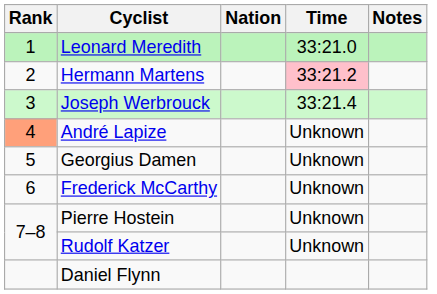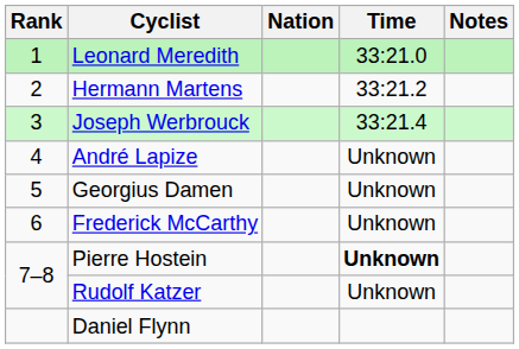 <table class="wikitable sortable">
 <tr>
 <th>Rank</th>
 <th>Cyclist</th>
 <th>Nation</th>
 <th>Time</th>
 <th>Notes</th>
 </tr>
 <tr bgcolor=bbf3bb>
 <td align=center>1</td>
 <td><a href='#'>Leonard Meredith</a></td>
 <td></td>
 <td align=center>33:21.0</td>
 <td align=center></td>
 </tr>
 <tr>
 <td align=center>2</td>
 <td><a href='#'>Hermann Martens</a></td>
 <td></td>
-<td align=center style="background: pink;">33:21.2</td>
+<td align=center>33:21.2</td>
 <td></td>
 </tr>
 <tr bgcolor=ccf9cc>
 <td align=center>3</td>
 <td><a href='#'>Joseph Werbrouck</a></td>
 <td></td>
 <td align=center>33:21.4</td>
 <td align=center></td>
 </tr>
 <tr>
-<td align=center style="background: lightsalmon;">4</td>
+<td align=center>4</td>
 <td><a href='#'>André Lapize</a></td>
 <td></td>
 <td align=center>Unknown</td>
 <td></td>
 </tr>
 <tr>
 <td align=center>5</td>
 <td>Georgius Damen</td>
 <td></td>
 <td align=center>Unknown</td>
 <td></td>
 </tr>
 <tr>
 <td align=center>6</td>
 <td><a href='#'>Frederick McCarthy</a></td>
 <td></td>
 <td align=center>Unknown</td>
 <td></td>
 </tr>
 <tr>
 <td align=center rowspan=2>7–8</td>
 <td>Pierre Hostein</td>
 <td></td>
-<td align=center>Unknown</td>
+<td align=center><strong>Unknown</strong></td>
 <td></td>
 </tr>
 <tr>
 <td><a href='#'>Rudolf Katzer</a></td>
 <td></td>
 <td align=center>Unknown</td>
 <td></td>
 </tr>
 <tr>
 <td align=center></td>
 <td>Daniel Flynn</td>
 <td></td>
 <td align=center></td>
 <td></td>
 </tr>
 </table>
